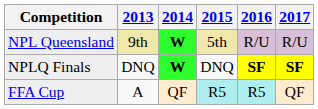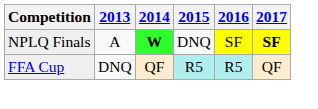 <table class=wikitable style=text-align:center;font-size:97%>
 <tr>
 <th>Competition</th>
 <th><a href='#'>2013</a></th>
 <th><a href='#'>2014</a></th>
 <th><a href='#'>2015</a></th>
 <th><a href='#'>2016</a></th>
 <th><a href='#'>2017</a></th>
 </tr>
 <tr>
-<td bgcolor=#EFEFEF align=left><a href='#'>NPL Queensland</a></td>
-<td bgcolor=eee8aa>9th</td>
-<td bgcolor=#2efe2e><strong>W</strong></td>
-<td bgcolor=eee8aa>5th</td>
-<td bgcolor=#d8bfd8>R/U</td>
-<td bgcolor=#d8bfd8>R/U</td>
-</tr>
-<tr>
 <td bgcolor=#EFEFEF align=left>NPLQ Finals</td>
-<td>DNQ</td>
+<td align="center" style="colour:#cccccc;">A</td>
 <td bgcolor=#2efe2e><strong>W</strong></td>
 <td>DNQ</td>
-<td bgcolor=yellow><strong>SF</strong></td>
+<td bgcolor=yellow>SF</td>
 <td bgcolor=yellow><strong>SF</strong></td>
 </tr>
 <tr>
 <td bgcolor=#EFEFEF align=left><a href='#'>FFA Cup</a></td>
-<td align="center" style="colour:#cccccc;">A</td>
+<td>DNQ</td>
 <td bgcolor=#ffebcd>QF</td>
 <td bgcolor=#afeeee>R5</td>
 <td bgcolor=#afeeee>R5</td>
 <td bgcolor=#ffebcd>QF</td>
 </tr>
 </table>
